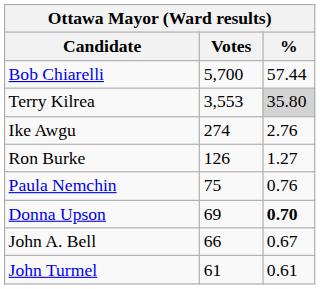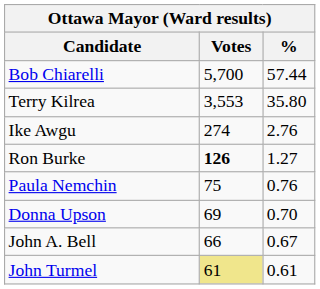 <table class="wikitable">
 <tr>
 <th colspan="3">Ottawa Mayor (Ward results)</th>
 </tr>
 <tr>
 <th style="width: 170px">Candidate</th>
 <th style="width: 50px">Votes</th>
 <th style="width: 40px">%</th>
 </tr>
 <tr>
 <td><a href='#'>Bob Chiarelli</a></td>
 <td>5,700</td>
 <td>57.44</td>
 </tr>
 <tr>
 <td>Terry Kilrea</td>
 <td>3,553</td>
-<td style="background: lightgrey;">35.80</td>
+<td>35.80</td>
 </tr>
 <tr>
 <td>Ike Awgu</td>
 <td>274</td>
 <td>2.76</td>
 </tr>
 <tr>
 <td>Ron Burke</td>
-<td>126</td>
+<td><strong>126</strong></td>
 <td>1.27</td>
 </tr>
 <tr>
 <td><a href='#'>Paula Nemchin</a></td>
 <td>75</td>
 <td>0.76</td>
 </tr>
 <tr>
 <td><a href='#'>Donna Upson</a></td>
 <td>69</td>
-<td><strong>0.70</strong></td>
+<td>0.70</td>
 </tr>
 <tr>
 <td>John A. Bell</td>
 <td>66</td>
 <td>0.67</td>
 </tr>
 <tr>
 <td><a href='#'>John Turmel</a></td>
-<td>61</td>
+<td style="background: khaki;">61</td>
 <td>0.61</td>
 </tr>
 </table>
